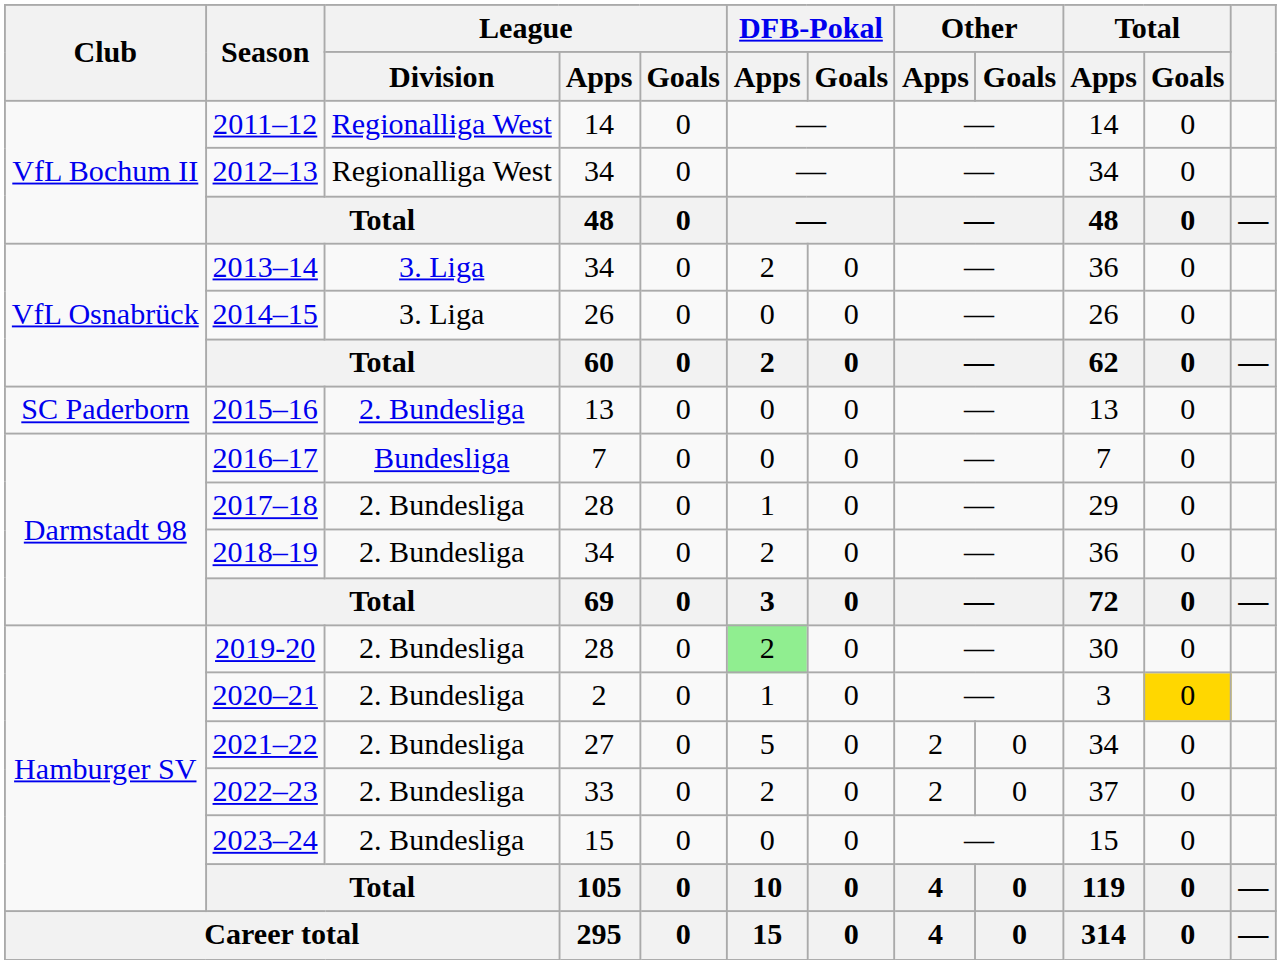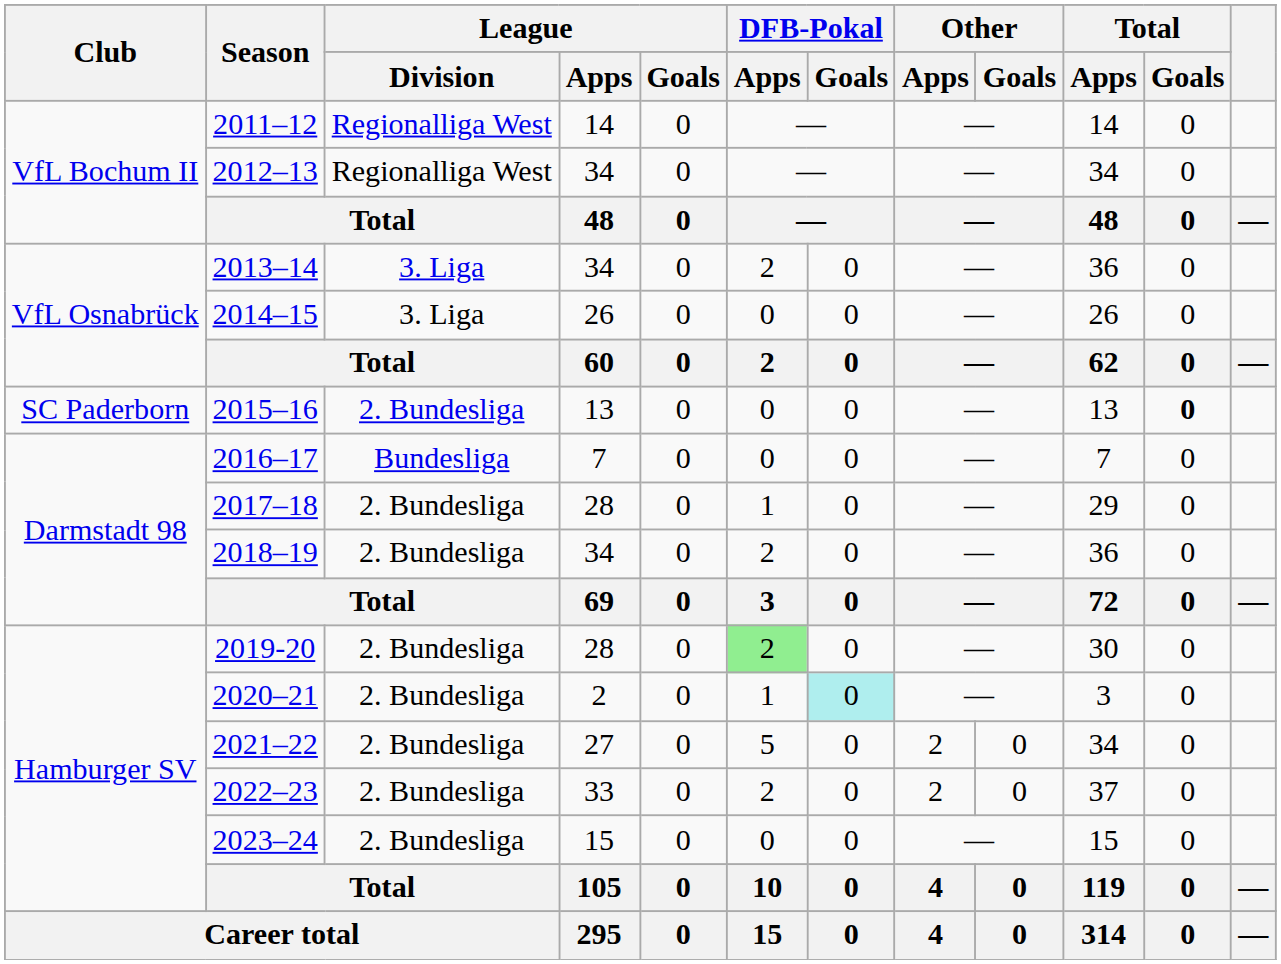 <table class="wikitable" style="text-align:center">
 <tr>
 <th rowspan="2">Club</th>
 <th rowspan="2">Season</th>
 <th colspan="3">League</th>
 <th colspan="2"><a href='#'>DFB-Pokal</a></th>
 <th colspan="2">Other</th>
 <th colspan="2">Total</th>
 <th rowspan="2"></th>
 </tr>
 <tr>
 <th>Division</th>
 <th>Apps</th>
 <th>Goals</th>
 <th>Apps</th>
 <th>Goals</th>
 <th>Apps</th>
 <th>Goals</th>
 <th>Apps</th>
 <th>Goals</th>
 </tr>
 <tr>
 <td rowspan="3"><a href='#'>VfL Bochum II</a></td>
 <td><a href='#'>2011–12</a></td>
 <td><a href='#'>Regionalliga West</a></td>
 <td>14</td>
 <td>0</td>
 <td colspan="2">—</td>
 <td colspan="2">—</td>
 <td>14</td>
 <td>0</td>
 <td></td>
 </tr>
 <tr>
 <td><a href='#'>2012–13</a></td>
 <td>Regionalliga West</td>
 <td>34</td>
 <td>0</td>
 <td colspan="2">—</td>
 <td colspan="2">—</td>
 <td>34</td>
 <td>0</td>
 <td></td>
 </tr>
 <tr>
 <th colspan="2">Total</th>
 <th>48</th>
 <th>0</th>
 <th colspan="2">—</th>
 <th colspan="2">—</th>
 <th>48</th>
 <th>0</th>
 <th>—</th>
 </tr>
 <tr>
 <td rowspan="3"><a href='#'>VfL Osnabrück</a></td>
 <td><a href='#'>2013–14</a></td>
 <td><a href='#'>3. Liga</a></td>
 <td>34</td>
 <td>0</td>
 <td>2</td>
 <td>0</td>
 <td colspan="2">—</td>
 <td>36</td>
 <td>0</td>
 <td></td>
 </tr>
 <tr>
 <td><a href='#'>2014–15</a></td>
 <td>3. Liga</td>
 <td>26</td>
 <td>0</td>
 <td>0</td>
 <td>0</td>
 <td colspan="2">—</td>
 <td>26</td>
 <td>0</td>
 <td></td>
 </tr>
 <tr>
 <th colspan="2">Total</th>
 <th>60</th>
 <th>0</th>
 <th>2</th>
 <th>0</th>
 <th colspan="2">—</th>
 <th>62</th>
 <th>0</th>
 <th>—</th>
 </tr>
 <tr>
 <td><a href='#'>SC Paderborn</a></td>
 <td><a href='#'>2015–16</a></td>
 <td><a href='#'>2. Bundesliga</a></td>
 <td>13</td>
 <td>0</td>
 <td>0</td>
 <td>0</td>
 <td colspan="2">—</td>
 <td>13</td>
-<td>0</td>
+<td><strong>0</strong></td>
 <td></td>
 </tr>
 <tr>
 <td rowspan="4"><a href='#'>Darmstadt 98</a></td>
 <td><a href='#'>2016–17</a></td>
 <td><a href='#'>Bundesliga</a></td>
 <td>7</td>
 <td>0</td>
 <td>0</td>
 <td>0</td>
 <td colspan="2">—</td>
 <td>7</td>
 <td>0</td>
 <td></td>
 </tr>
 <tr>
 <td><a href='#'>2017–18</a></td>
 <td>2. Bundesliga</td>
 <td>28</td>
 <td>0</td>
 <td>1</td>
 <td>0</td>
 <td colspan="2">—</td>
 <td>29</td>
 <td>0</td>
 <td></td>
 </tr>
 <tr>
 <td><a href='#'>2018–19</a></td>
 <td>2. Bundesliga</td>
 <td>34</td>
 <td>0</td>
 <td>2</td>
 <td>0</td>
 <td colspan="2">—</td>
 <td>36</td>
 <td>0</td>
 <td></td>
 </tr>
 <tr>
 <th colspan="2">Total</th>
 <th>69</th>
 <th>0</th>
 <th>3</th>
 <th>0</th>
 <th colspan="2">—</th>
 <th>72</th>
 <th>0</th>
 <th>—</th>
 </tr>
 <tr>
 <td rowspan="6"><a href='#'>Hamburger SV</a></td>
 <td><a href='#'>2019-20</a></td>
 <td>2. Bundesliga</td>
 <td>28</td>
 <td>0</td>
 <td style="background: lightgreen;">2</td>
 <td>0</td>
 <td colspan="2">—</td>
 <td>30</td>
 <td>0</td>
 <td></td>
 </tr>
 <tr>
 <td><a href='#'>2020–21</a></td>
 <td>2. Bundesliga</td>
 <td>2</td>
 <td>0</td>
 <td>1</td>
-<td>0</td>
+<td style="background: paleturquoise;">0</td>
 <td colspan="2">—</td>
 <td>3</td>
-<td style="background: gold;">0</td>
+<td>0</td>
 <td></td>
 </tr>
 <tr>
 <td><a href='#'>2021–22</a></td>
 <td>2. Bundesliga</td>
 <td>27</td>
 <td>0</td>
 <td>5</td>
 <td>0</td>
 <td>2</td>
 <td>0</td>
 <td>34</td>
 <td>0</td>
 <td></td>
 </tr>
 <tr>
 <td><a href='#'>2022–23</a></td>
 <td>2. Bundesliga</td>
 <td>33</td>
 <td>0</td>
 <td>2</td>
 <td>0</td>
 <td>2</td>
 <td>0</td>
 <td>37</td>
 <td>0</td>
 <td></td>
 </tr>
 <tr>
 <td><a href='#'>2023–24</a></td>
 <td>2. Bundesliga</td>
 <td>15</td>
 <td>0</td>
 <td>0</td>
 <td>0</td>
 <td colspan="2">—</td>
 <td>15</td>
 <td>0</td>
 <td></td>
 </tr>
 <tr>
 <th colspan="2">Total</th>
 <th>105</th>
 <th>0</th>
 <th>10</th>
 <th>0</th>
 <th>4</th>
 <th>0</th>
 <th>119</th>
 <th>0</th>
 <th>—</th>
 </tr>
 <tr>
 <th colspan="3">Career total</th>
 <th>295</th>
 <th>0</th>
 <th>15</th>
 <th>0</th>
 <th>4</th>
 <th>0</th>
 <th>314</th>
 <th>0</th>
 <th>—</th>
 </tr>
 </table>
